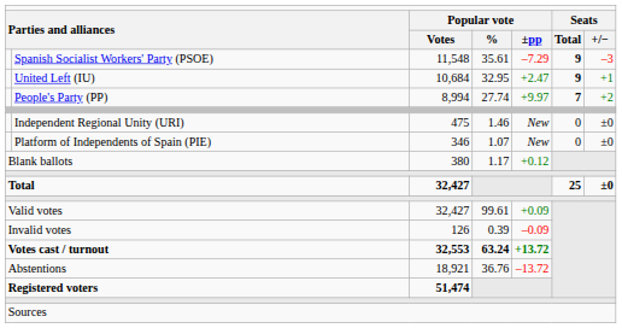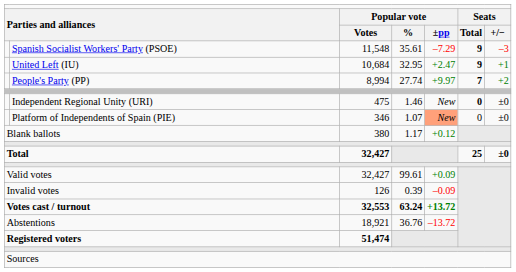 <table class="wikitable" style="text-align:right;">
 <tr>
 <td colspan="7"></td>
 </tr>
 <tr>
 <th style="text-align:left;" rowspan="2" colspan="2" width="525">Parties and alliances</th>
 <th colspan="3">Popular vote</th>
 <th colspan="2">Seats</th>
 </tr>
 <tr>
 <th width="75">Votes</th>
 <th width="45">%</th>
 <th width="45">±<a href='#'>pp</a></th>
 <th width="35">Total</th>
 <th width="35">+/−</th>
 </tr>
 <tr>
 <td width="1" style="color:inherit;background:"></td>
 <td align="left"><a href='#'>Spanish Socialist Workers' Party</a> (PSOE)</td>
 <td>11,548</td>
 <td>35.61</td>
 <td style="color:red;">–7.29</td>
 <td><strong>9</strong></td>
 <td style="color:red;">–3</td>
 </tr>
 <tr>
 <td style="color:inherit;background:"></td>
 <td align="left"><a href='#'>United Left</a> (IU)</td>
 <td>10,684</td>
 <td>32.95</td>
 <td style="color:green;">+2.47</td>
 <td><strong>9</strong></td>
 <td style="color:green;">+1</td>
 </tr>
 <tr>
 <td style="color:inherit;background:"></td>
 <td align="left"><a href='#'>People's Party</a> (PP)</td>
 <td>8,994</td>
 <td>27.74</td>
 <td style="color:green;">+9.97</td>
 <td><strong>7</strong></td>
 <td style="color:green;">+2</td>
 </tr>
 <tr>
 <td colspan="7" bgcolor="#C0C0C0"></td>
 </tr>
 <tr>
 <td style="color:inherit;background:"></td>
 <td align="left">Independent Regional Unity (URI)</td>
 <td>475</td>
 <td>1.46</td>
 <td><em>New</em></td>
-<td>0</td>
+<td><strong>0</strong></td>
 <td>±0</td>
 </tr>
 <tr>
 <td style="color:inherit;background:"></td>
 <td align="left">Platform of Independents of Spain (PIE)</td>
 <td>346</td>
 <td>1.07</td>
-<td><em>New</em></td>
+<td style="background: lightsalmon;"><em>New</em></td>
 <td>0</td>
 <td>±0</td>
 </tr>
 <tr>
 <td align="left" colspan="2">Blank ballots</td>
 <td>380</td>
 <td>1.17</td>
 <td style="color:green;">+0.12</td>
 <td bgcolor="#E9E9E9" colspan="2"></td>
 </tr>
 <tr>
 <td colspan="7" bgcolor="#E9E9E9"></td>
 </tr>
 <tr style="font-weight:bold;">
 <td align="left" colspan="2">Total</td>
 <td>32,427</td>
 <td bgcolor="#E9E9E9" colspan="2"></td>
 <td>25</td>
 <td>±0</td>
 </tr>
 <tr>
 <td colspan="7" bgcolor="#E9E9E9"></td>
 </tr>
 <tr>
 <td align="left" colspan="2">Valid votes</td>
 <td>32,427</td>
 <td>99.61</td>
 <td style="color:green;">+0.09</td>
 <td bgcolor="#E9E9E9" colspan="2" rowspan="5"></td>
 </tr>
 <tr>
 <td align="left" colspan="2">Invalid votes</td>
 <td>126</td>
 <td>0.39</td>
 <td style="color:red;">–0.09</td>
 </tr>
 <tr style="font-weight:bold;">
 <td align="left" colspan="2">Votes cast / turnout</td>
 <td>32,553</td>
 <td>63.24</td>
 <td style="color:green;">+13.72</td>
 </tr>
 <tr>
 <td align="left" colspan="2">Abstentions</td>
 <td>18,921</td>
 <td>36.76</td>
 <td style="color:red;">–13.72</td>
 </tr>
 <tr style="font-weight:bold;">
 <td align="left" colspan="2">Registered voters</td>
 <td>51,474</td>
 <td bgcolor="#E9E9E9" colspan="2"></td>
 </tr>
 <tr>
 <td colspan="7" bgcolor="#E9E9E9"></td>
 </tr>
 <tr>
 <td align="left" colspan="7">Sources</td>
 </tr>
 </table>
